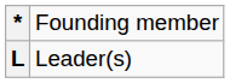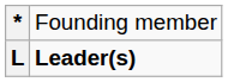 <table class="wikitable">
 <tr>
 <th>*</th>
 <td>Founding member</td>
 </tr>
 <tr>
 <th><strong>L</strong></th>
-<td>Leader(s)</td>
+<td><strong>Leader(s)</strong></td>
 </tr>
 </table>
